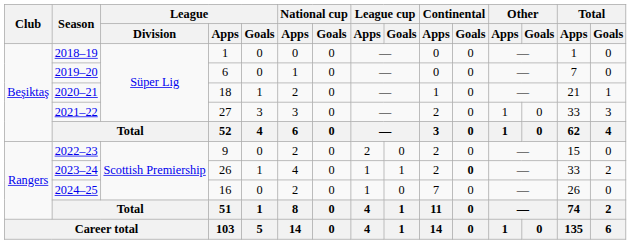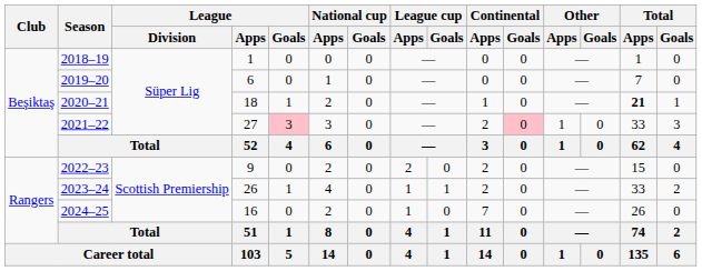 <table class="wikitable" style="text-align: center;">
 <tr>
 <th rowspan="2">Club</th>
 <th rowspan="2">Season</th>
 <th colspan="3">League</th>
 <th colspan="2">National cup</th>
 <th colspan="2">League cup</th>
 <th colspan="2">Continental</th>
 <th colspan="2">Other</th>
 <th colspan="2">Total</th>
 </tr>
 <tr>
 <th>Division</th>
 <th>Apps</th>
 <th>Goals</th>
 <th>Apps</th>
 <th>Goals</th>
 <th>Apps</th>
 <th>Goals</th>
 <th>Apps</th>
 <th>Goals</th>
 <th>Apps</th>
 <th>Goals</th>
 <th>Apps</th>
 <th>Goals</th>
 </tr>
 <tr>
 <td rowspan="5"><a href='#'>Beşiktaş</a></td>
 <td><a href='#'>2018–19</a></td>
 <td rowspan="4"><a href='#'>Süper Lig</a></td>
 <td>1</td>
 <td>0</td>
 <td>0</td>
 <td>0</td>
 <td colspan="2">—</td>
 <td>0</td>
 <td>0</td>
 <td colspan="2">—</td>
 <td>1</td>
 <td>0</td>
 </tr>
 <tr>
 <td><a href='#'>2019–20</a></td>
 <td>6</td>
 <td>0</td>
 <td>1</td>
 <td>0</td>
 <td colspan="2">—</td>
 <td>0</td>
 <td>0</td>
 <td colspan="2">—</td>
 <td>7</td>
 <td>0</td>
 </tr>
 <tr>
 <td><a href='#'>2020–21</a></td>
 <td>18</td>
 <td>1</td>
 <td>2</td>
 <td>0</td>
 <td colspan="2">—</td>
 <td>1</td>
 <td>0</td>
 <td colspan="2">—</td>
-<td>21</td>
+<td><strong>21</strong></td>
 <td>1</td>
 </tr>
 <tr>
 <td><a href='#'>2021–22</a></td>
 <td>27</td>
-<td>3</td>
+<td style="background: pink;">3</td>
 <td>3</td>
 <td>0</td>
 <td colspan="2">—</td>
 <td>2</td>
-<td>0</td>
+<td style="background: pink;">0</td>
 <td>1</td>
 <td>0</td>
 <td>33</td>
 <td>3</td>
 </tr>
 <tr>
 <th colspan="2">Total</th>
 <th>52</th>
 <th>4</th>
 <th>6</th>
 <th>0</th>
 <th colspan="2">—</th>
 <th>3</th>
 <th>0</th>
 <th>1</th>
 <th>0</th>
 <th>62</th>
 <th>4</th>
 </tr>
 <tr>
 <td rowspan="4"><a href='#'>Rangers</a></td>
 <td><a href='#'>2022–23</a></td>
 <td rowspan="3"><a href='#'>Scottish Premiership</a></td>
 <td>9</td>
 <td>0</td>
 <td>2</td>
 <td>0</td>
 <td>2</td>
 <td>0</td>
 <td>2</td>
 <td>0</td>
 <td colspan="2">—</td>
 <td>15</td>
 <td>0</td>
 </tr>
 <tr>
 <td><a href='#'>2023–24</a></td>
 <td>26</td>
 <td>1</td>
 <td>4</td>
 <td>0</td>
 <td>1</td>
 <td>1</td>
 <td>2</td>
-<td><strong>0</strong></td>
+<td>0</td>
 <td colspan="2">—</td>
 <td>33</td>
 <td>2</td>
 </tr>
 <tr>
 <td><a href='#'>2024–25</a></td>
 <td>16</td>
 <td>0</td>
 <td>2</td>
 <td>0</td>
 <td>1</td>
 <td>0</td>
 <td>7</td>
 <td>0</td>
 <td colspan="2">—</td>
 <td>26</td>
 <td>0</td>
 </tr>
 <tr>
 <th colspan="2">Total</th>
 <th>51</th>
 <th>1</th>
 <th>8</th>
 <th>0</th>
 <th>4</th>
 <th>1</th>
 <th>11</th>
 <th>0</th>
 <th colspan="2">—</th>
 <th>74</th>
 <th>2</th>
 </tr>
 <tr>
 <th colspan="3">Career total</th>
 <th>103</th>
 <th>5</th>
 <th>14</th>
 <th>0</th>
 <th>4</th>
 <th>1</th>
 <th>14</th>
 <th>0</th>
 <th>1</th>
 <th>0</th>
 <th>135</th>
 <th>6</th>
 </tr>
 </table>
